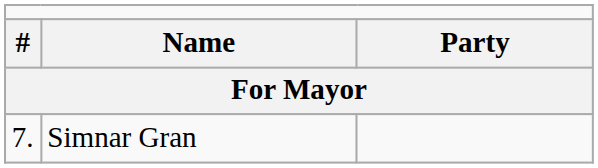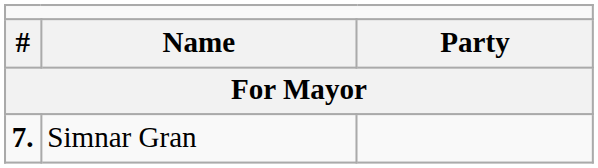 <table class=wikitable style="font-size:90%">
 <tr>
 <td colspan=4 bgcolor=></td>
 </tr>
 <tr>
 <th>#</th>
 <th width=150px>Name</th>
 <th colspan=2 width=110px>Party</th>
 </tr>
 <tr>
 <th colspan=5>For Mayor</th>
 </tr>
 <tr>
-<td>7.</td>
+<td><strong>7.</strong></td>
 <td>Simnar Gran</td>
 <td></td>
 </tr>
 </table>
